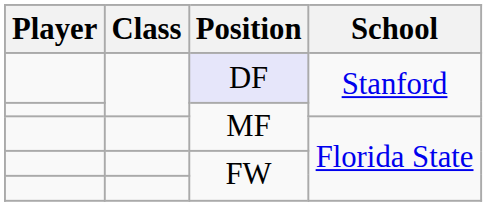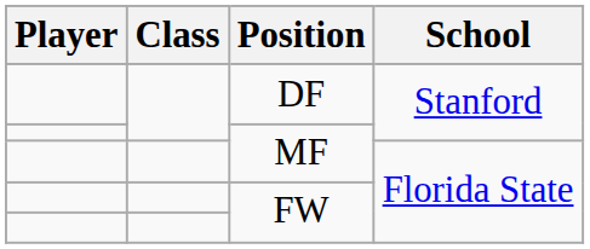 <table class="wikitable sortable" style="text-align:center">
 <tr>
 <th>Player</th>
 <th>Class</th>
 <th>Position</th>
 <th>School</th>
 </tr>
 <tr>
 <td></td>
 <td rowspan=2></td>
-<td style="background: lavender;">DF</td>
+<td>DF</td>
 <td rowspan=2><a href='#'>Stanford</a></td>
 </tr>
 <tr>
 <td></td>
 <td rowspan=2>MF</td>
 </tr>
 <tr>
 <td></td>
 <td></td>
 <td rowspan=3><a href='#'>Florida State</a></td>
 </tr>
 <tr>
 <td></td>
 <td></td>
 <td rowspan=2>FW</td>
 </tr>
 <tr>
 <td></td>
 <td></td>
 </tr>
 </table>
